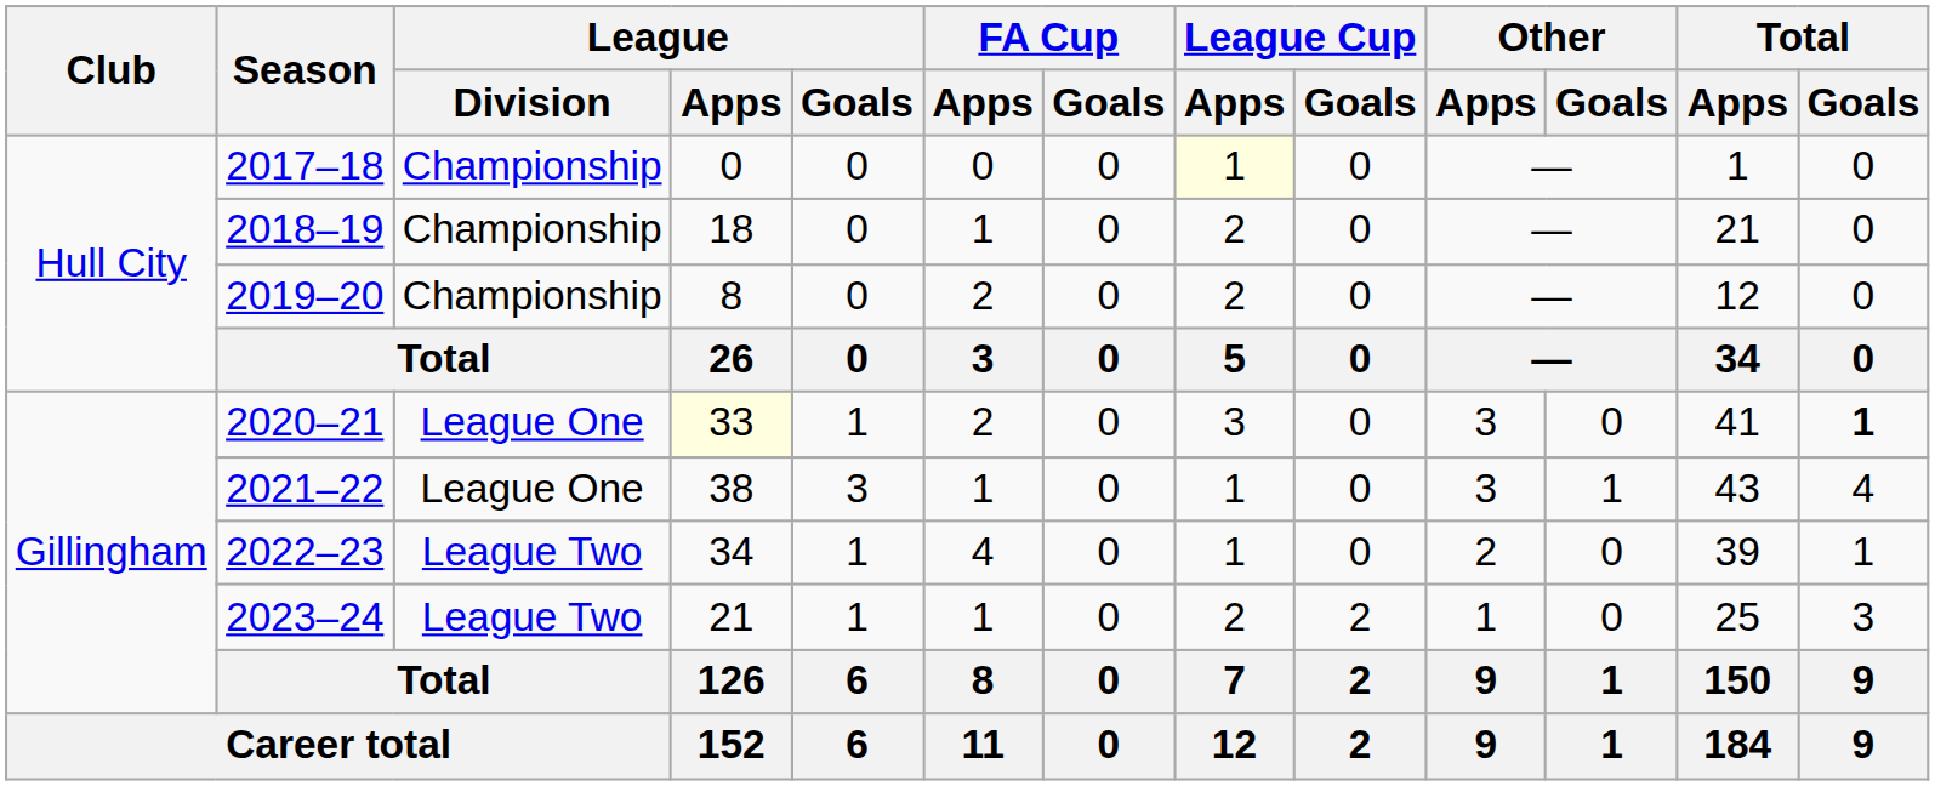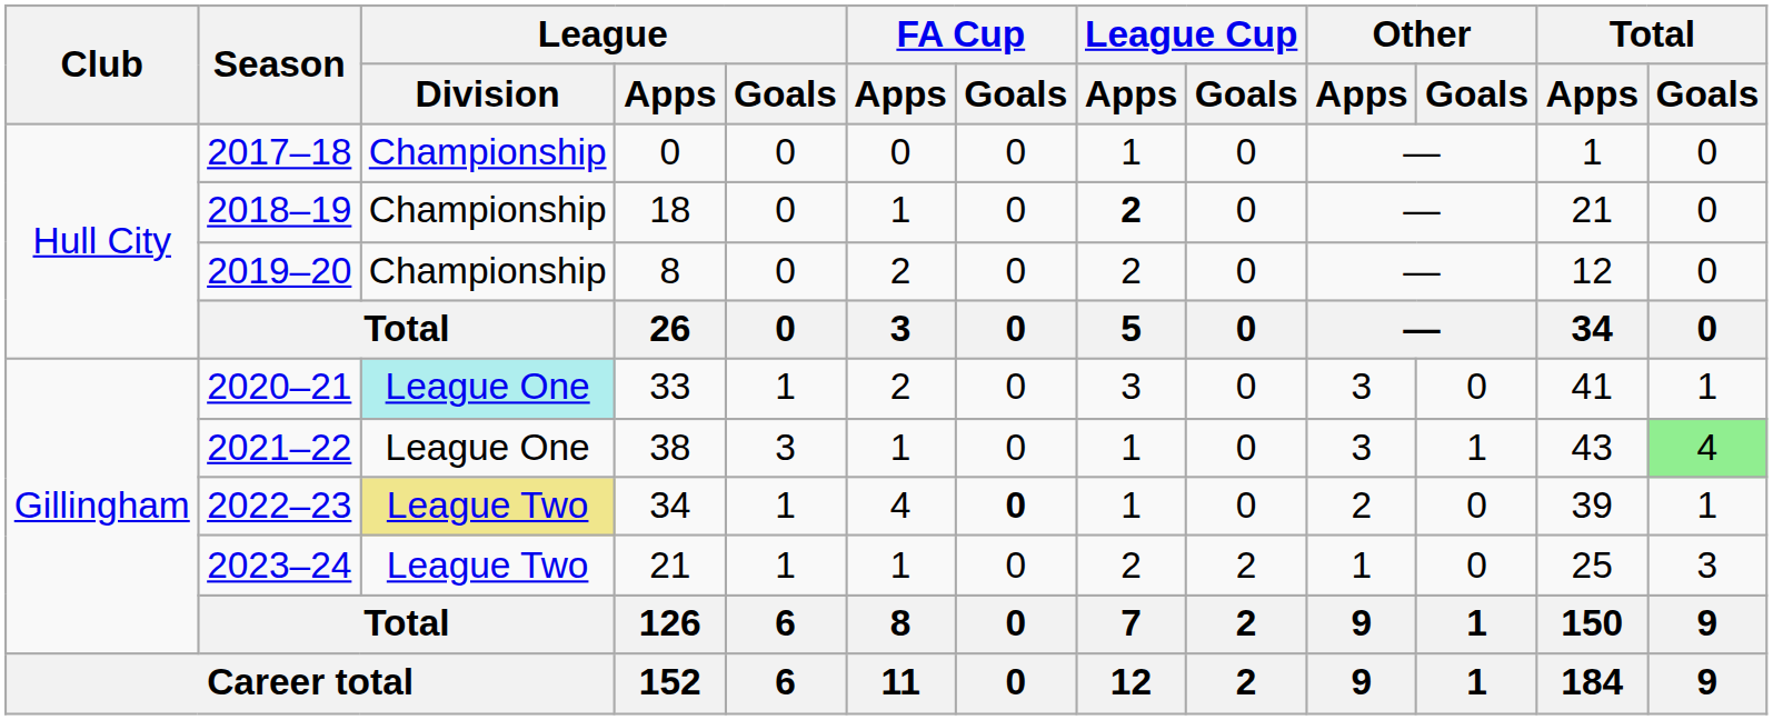 <table class="wikitable" style="text-align:center;">
 <tr>
 <th rowspan=2>Club</th>
 <th rowspan=2>Season</th>
 <th colspan=3>League</th>
 <th colspan=2><a href='#'>FA Cup</a></th>
 <th colspan=2><a href='#'>League Cup</a></th>
 <th colspan=2>Other</th>
 <th colspan=2>Total</th>
 </tr>
 <tr>
 <th>Division</th>
 <th>Apps</th>
 <th>Goals</th>
 <th>Apps</th>
 <th>Goals</th>
 <th>Apps</th>
 <th>Goals</th>
 <th>Apps</th>
 <th>Goals</th>
 <th>Apps</th>
 <th>Goals</th>
 </tr>
 <tr>
 <td rowspan="4"><a href='#'>Hull City</a></td>
 <td><a href='#'>2017–18</a></td>
 <td><a href='#'>Championship</a></td>
 <td>0</td>
 <td>0</td>
 <td>0</td>
 <td>0</td>
-<td style="background: lightyellow;">1</td>
+<td>1</td>
 <td>0</td>
 <td colspan=2>—</td>
 <td>1</td>
 <td>0</td>
 </tr>
 <tr>
 <td><a href='#'>2018–19</a></td>
 <td>Championship</td>
 <td>18</td>
 <td>0</td>
 <td>1</td>
 <td>0</td>
-<td>2</td>
+<td><strong>2</strong></td>
 <td>0</td>
 <td colspan=2>—</td>
 <td>21</td>
 <td>0</td>
 </tr>
 <tr>
 <td><a href='#'>2019–20</a></td>
 <td>Championship</td>
 <td>8</td>
 <td>0</td>
 <td>2</td>
 <td>0</td>
 <td>2</td>
 <td>0</td>
 <td colspan=2>—</td>
 <td>12</td>
 <td>0</td>
 </tr>
 <tr>
 <th colspan=2>Total</th>
 <th>26</th>
 <th>0</th>
 <th>3</th>
 <th>0</th>
 <th>5</th>
 <th>0</th>
 <th colspan=2>—</th>
 <th>34</th>
 <th>0</th>
 </tr>
 <tr>
 <td rowspan="5"><a href='#'>Gillingham</a></td>
 <td><a href='#'>2020–21</a></td>
-<td><a href='#'>League One</a></td>
-<td style="background: lightyellow;">33</td>
+<td style="background: paleturquoise;"><a href='#'>League One</a></td>
+<td>33</td>
 <td>1</td>
 <td>2</td>
 <td>0</td>
 <td>3</td>
 <td>0</td>
 <td>3</td>
 <td>0</td>
 <td>41</td>
-<td><strong>1</strong></td>
+<td>1</td>
 </tr>
 <tr>
 <td><a href='#'>2021–22</a></td>
 <td>League One</td>
 <td>38</td>
 <td>3</td>
 <td>1</td>
 <td>0</td>
 <td>1</td>
 <td>0</td>
 <td>3</td>
 <td>1</td>
 <td>43</td>
-<td>4</td>
+<td style="background: lightgreen;">4</td>
 </tr>
 <tr>
 <td><a href='#'>2022–23</a></td>
-<td><a href='#'>League Two</a></td>
+<td style="background: khaki;"><a href='#'>League Two</a></td>
 <td>34</td>
 <td>1</td>
 <td>4</td>
-<td>0</td>
+<td><strong>0</strong></td>
 <td>1</td>
 <td>0</td>
 <td>2</td>
 <td>0</td>
 <td>39</td>
 <td>1</td>
 </tr>
 <tr>
 <td><a href='#'>2023–24</a></td>
 <td><a href='#'>League Two</a></td>
 <td>21</td>
 <td>1</td>
 <td>1</td>
 <td>0</td>
 <td>2</td>
 <td>2</td>
 <td>1</td>
 <td>0</td>
 <td>25</td>
 <td>3</td>
 </tr>
 <tr>
 <th colspan=2>Total</th>
 <th>126</th>
 <th>6</th>
 <th>8</th>
 <th>0</th>
 <th>7</th>
 <th>2</th>
 <th>9</th>
 <th>1</th>
 <th>150</th>
 <th>9</th>
 </tr>
 <tr>
 <th colspan="3">Career total</th>
 <th>152</th>
 <th>6</th>
 <th>11</th>
 <th>0</th>
 <th>12</th>
 <th>2</th>
 <th>9</th>
 <th>1</th>
 <th>184</th>
 <th>9</th>
 </tr>
 </table>
